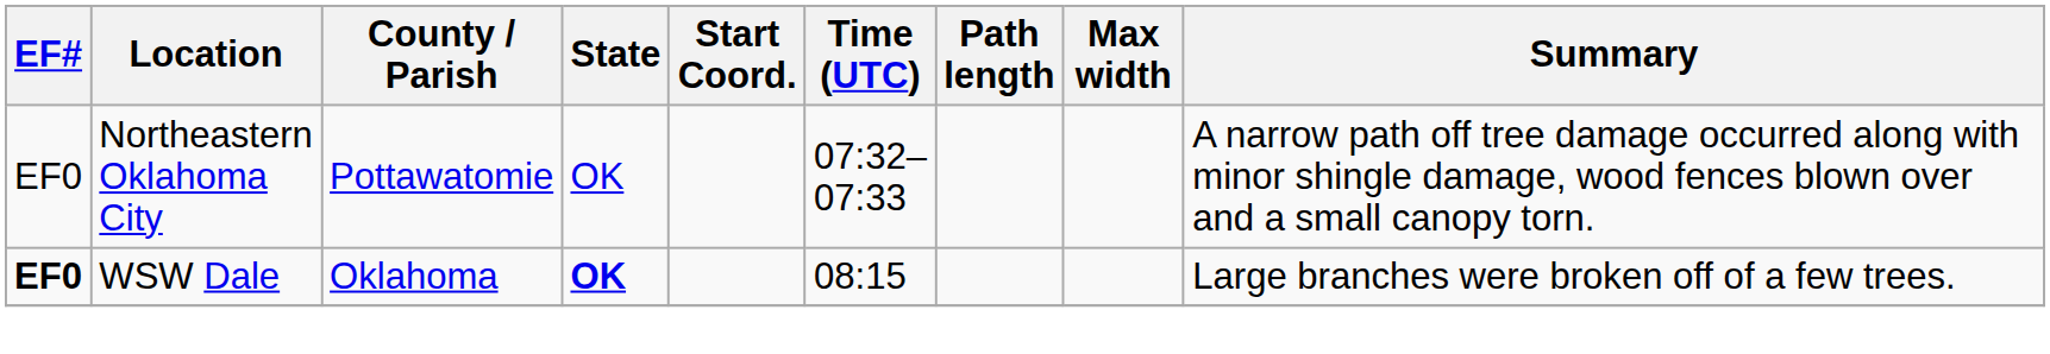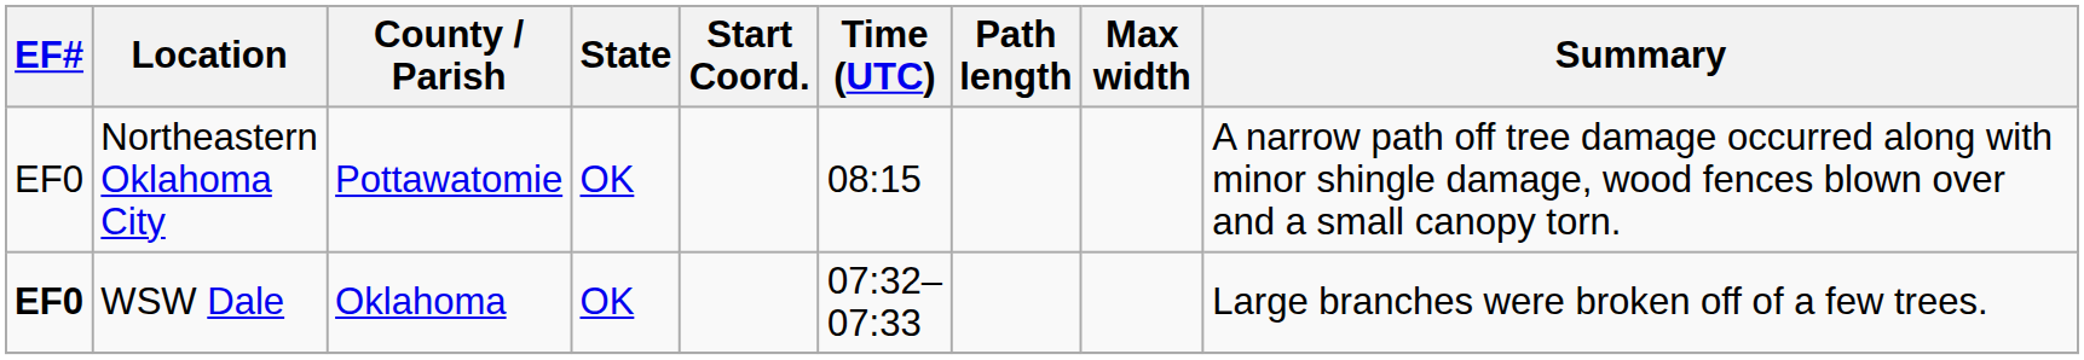 <table class="wikitable sortable" style="width:100%;">
 <tr>
 <th scope="col"  style="width:3%; text-align:center;"><a href='#'>EF#</a></th>
 <th scope="col"  style="width:7%; text-align:center;" class="unsortable">Location</th>
 <th scope="col"  style="width:6%; text-align:center;" class="unsortable">County / Parish</th>
 <th scope="col"  style="width:5%; text-align:center;">State</th>
 <th scope="col"  style="width:6%; text-align:center;">Start Coord.</th>
 <th scope="col"  style="width:6%; text-align:center;">Time (<a href='#'>UTC</a>)</th>
 <th scope="col"  style="width:6%; text-align:center;">Path length</th>
 <th scope="col"  style="width:6%; text-align:center;">Max width</th>
 <th scope="col" class="unsortable" style="width:48%; text-align:center;">Summary</th>
 </tr>
 <tr>
 <td>EF0</td>
 <td>Northeastern <a href='#'>Oklahoma City</a></td>
 <td><a href='#'>Pottawatomie</a></td>
 <td><a href='#'>OK</a></td>
 <td></td>
-<td>07:32–07:33</td>
+<td>08:15</td>
 <td></td>
 <td></td>
 <td>A narrow path off tree damage occurred along with minor shingle damage, wood fences blown over and a small canopy torn.</td>
 </tr>
 <tr>
 <td><strong>EF0</strong></td>
 <td>WSW <a href='#'>Dale</a></td>
 <td><a href='#'>Oklahoma</a></td>
-<td><strong><a href='#'>OK</a></strong></td>
+<td><a href='#'>OK</a></td>
 <td></td>
-<td>08:15</td>
+<td>07:32–07:33</td>
 <td></td>
 <td></td>
 <td>Large branches were broken off of a few trees.</td>
 </tr>
 <tr>
 </tr>
 </table>
